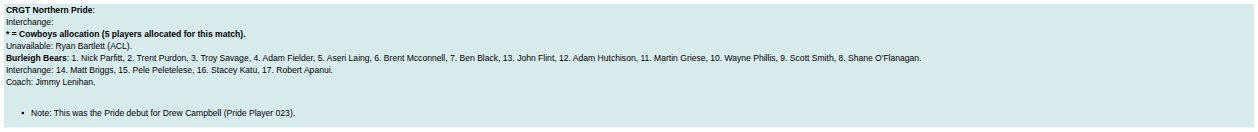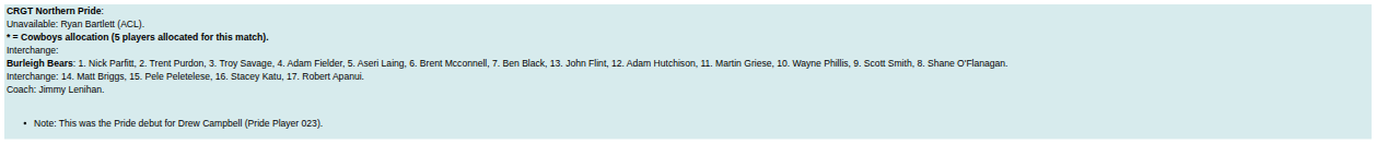 <table style="background:#d7ebed; font-size:85%; width:100%;">
 <tr>
 <td><strong>CRGT Northern Pride</strong>:             </td>
 </tr>
 <tr>
-<td>Interchange:    </td>
+<td>Unavailable: Ryan Bartlett (ACL).</td>
 </tr>
 <tr>
 <td><strong>* = Cowboys allocation (5 players allocated for this match).</strong></td>
 </tr>
 <tr>
-<td>Unavailable: Ryan Bartlett (ACL).</td>
+<td>Interchange:    </td>
 </tr>
 <tr>
 <td><strong>Burleigh Bears</strong>: 1. Nick Parfitt, 2. Trent Purdon, 3. Troy Savage, 4. Adam Fielder, 5. Aseri Laing, 6. Brent Mcconnell, 7. Ben Black, 13. John Flint, 12. Adam Hutchison, 11. Martin Griese, 10. Wayne Phillis, 9. Scott Smith, 8. Shane O'Flanagan.</td>
 </tr>
 <tr>
 <td>Interchange: 14. Matt Briggs, 15. Pele Peletelese, 16. Stacey Katu, 17. Robert Apanui.</td>
 </tr>
 <tr>
 <td>Coach: Jimmy Lenihan.</td>
 </tr>
 <tr>
 <td><br><ul><li>Note: This was the Pride debut for Drew Campbell (Pride Player 023).</li></ul></td>
 </tr>
 </table>
